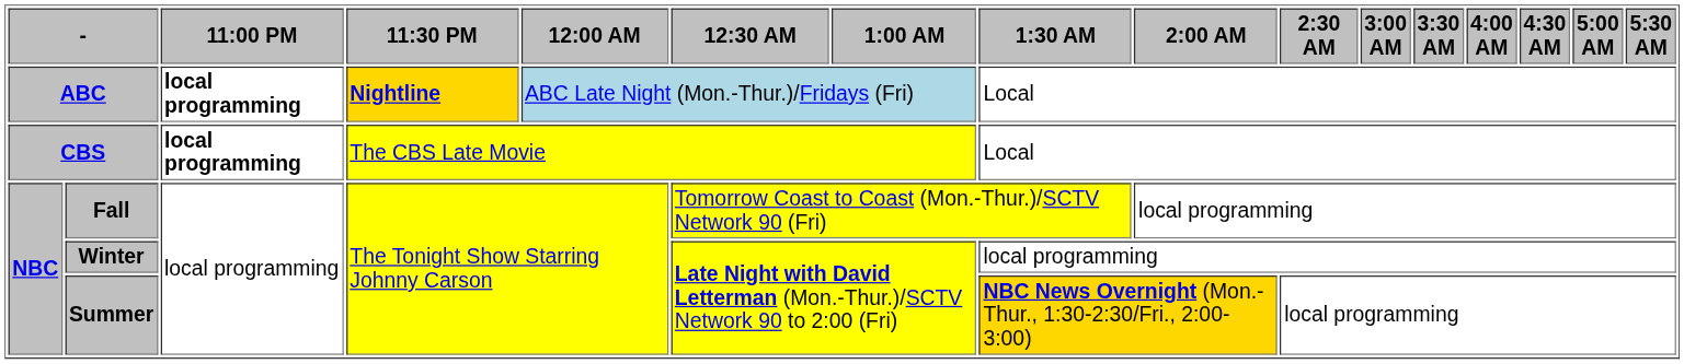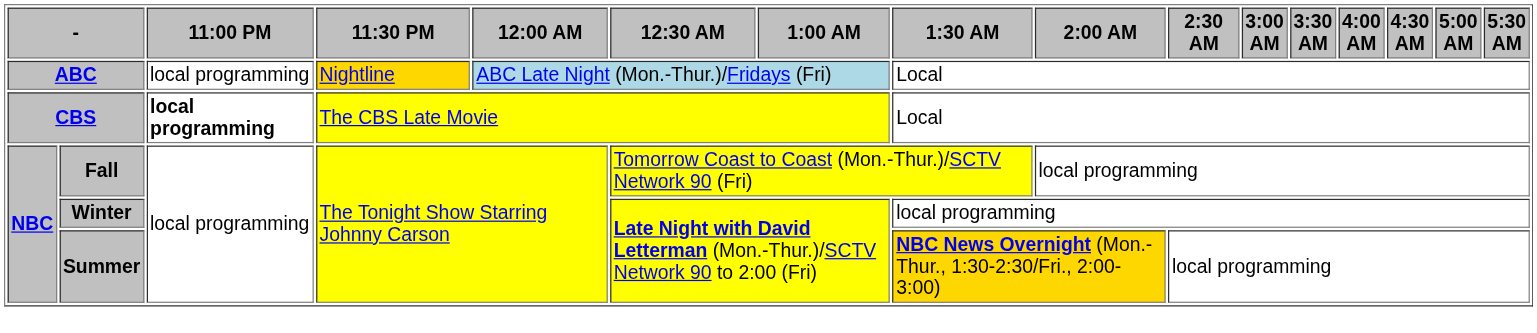 <table border="1" cellpadding="2">
 <tr>
 <th bgcolor="#C0C0C0" colspan=2>-</th>
 <th width="13%" bgcolor="#C0C0C0">11:00 PM</th>
 <th width="14%" bgcolor="#C0C0C0">11:30 PM</th>
 <th width="13%" bgcolor="#C0C0C0">12:00 AM</th>
 <th width="14%" bgcolor="#C0C0C0">12:30 AM</th>
 <th width="13%" bgcolor="#C0C0C0">1:00 AM</th>
 <th width="14%" bgcolor="#C0C0C0">1:30 AM</th>
 <th width="13%" bgcolor="#C0C0C0">2:00 AM</th>
 <th width="14%" bgcolor="#C0C0C0">2:30 AM</th>
 <th width="13%" bgcolor="#C0C0C0">3:00 AM</th>
 <th width="14%" bgcolor="#C0C0C0">3:30 AM</th>
 <th width="13%" bgcolor="#C0C0C0">4:00 AM</th>
 <th width="14%" bgcolor="#C0C0C0">4:30 AM</th>
 <th width="13%" bgcolor="#C0C0C0">5:00 AM</th>
 <th width="14%" bgcolor="#C0C0C0">5:30 AM</th>
 </tr>
 <tr>
 <th bgcolor="#C0C0C0" colspan=2><a href='#'>ABC</a></th>
-<td bgcolor="white"><strong>local programming</strong></td>
-<td bgcolor="gold"><strong><a href='#'>Nightline</a></strong></td>
+<td bgcolor="white">local programming</td>
+<td bgcolor="gold"><a href='#'>Nightline</a></td>
 <td bgcolor="lightblue" colspan="3"><a href='#'>ABC Late Night</a> (Mon.-Thur.)/<a href='#'>Fridays</a> (Fri)</td>
 <td bgcolor="white" colspan="9">Local</td>
 </tr>
 <tr>
 <th bgcolor="#C0C0C0" colspan=2><a href='#'>CBS</a></th>
 <td bgcolor="white"><strong>local programming</strong></td>
 <td bgcolor="yellow" colspan="4"><a href='#'>The CBS Late Movie</a></td>
 <td bgcolor="white" colspan="9">Local</td>
 </tr>
 <tr>
 <th bgcolor="#C0C0C0" rowspan=3><a href='#'>NBC</a></th>
 <th bgcolor=#C0C0C0>Fall</th>
 <td bgcolor="white" rowspan=3>local programming</td>
 <td bgcolor="yellow" colspan="2" rowspan=3><a href='#'>The Tonight Show Starring Johnny Carson</a></td>
 <td bgcolor="yellow" colspan="3"><a href='#'>Tomorrow Coast to Coast</a> (Mon.-Thur.)/<a href='#'>SCTV Network 90</a> (Fri)</td>
 <td bgcolor="white" colspan="8">local programming</td>
 </tr>
 <tr>
 <th bgcolor=#C0C0C0>Winter</th>
 <td bgcolor="yellow" colspan="2" rowspan=2><strong><a href='#'>Late Night with David Letterman</a></strong> (Mon.-Thur.)/<a href='#'>SCTV Network 90</a> to 2:00 (Fri)</td>
 <td bgcolor="white" colspan="9">local programming</td>
 </tr>
 <tr>
 <th bgcolor=#C0C0C0>Summer</th>
 <td bgcolor="gold" colspan="2"><strong><a href='#'>NBC News Overnight</a></strong> (Mon.-Thur., 1:30-2:30/Fri., 2:00-3:00)</td>
 <td bgcolor="white" colspan="7">local programming</td>
 </tr>
 </table>
